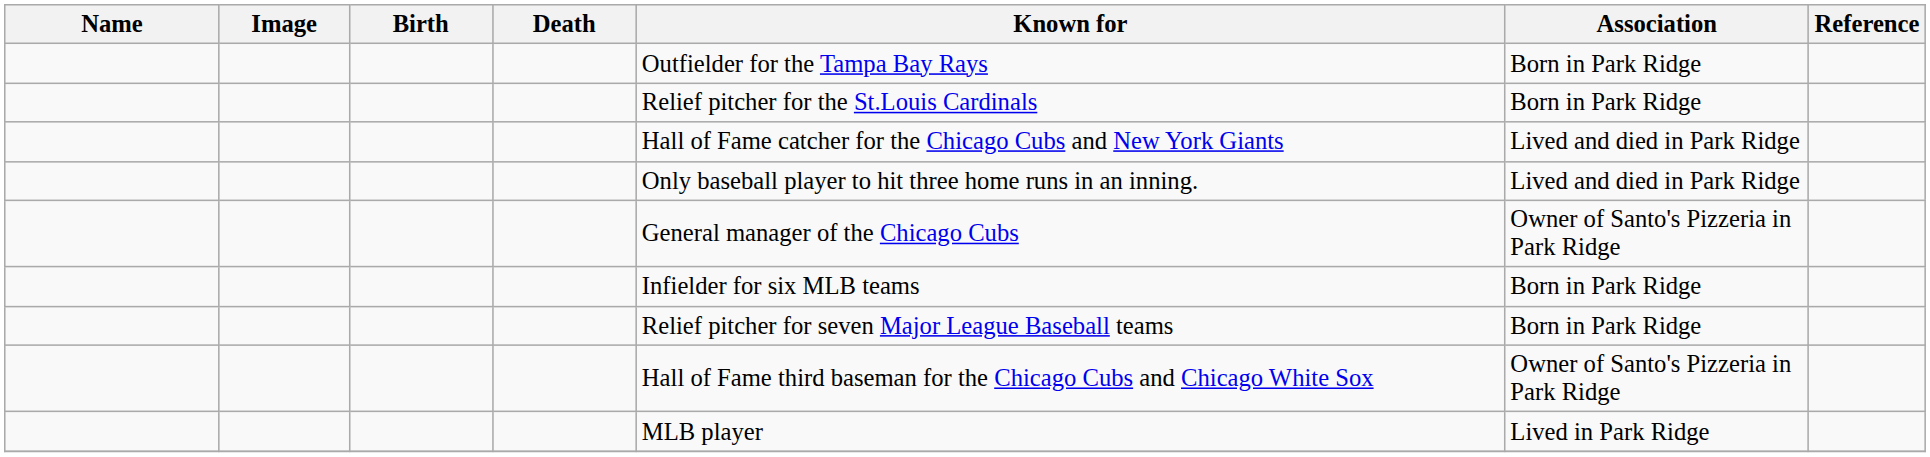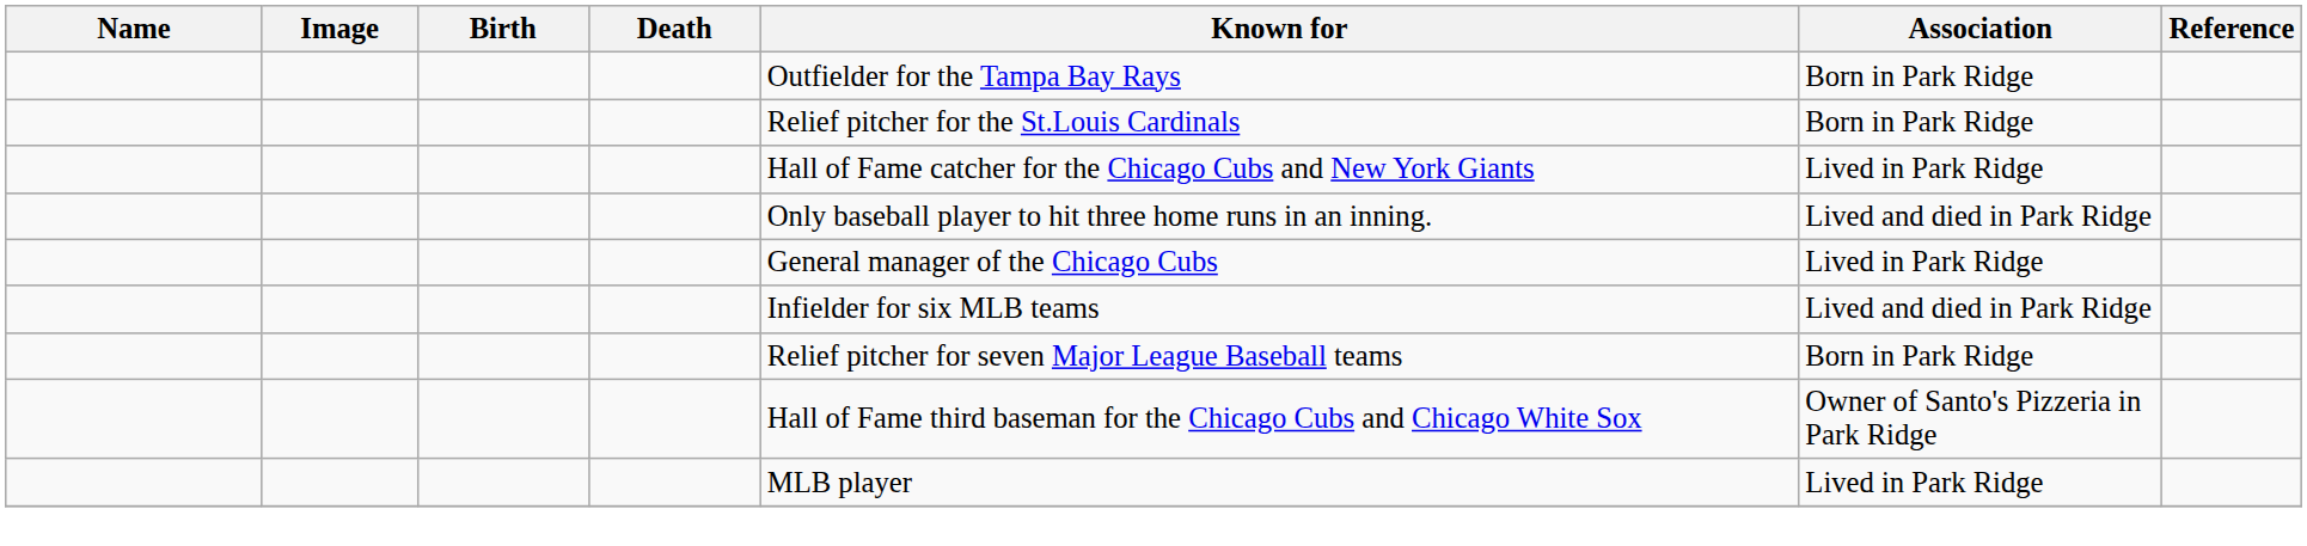 <table class="wikitable sortable">
 <tr>
 <th scope="col" width="140">Name</th>
 <th scope="col" width="80" class="unsortable">Image</th>
 <th scope="col" width="90">Birth</th>
 <th scope="col" width="90">Death</th>
 <th scope="col" width="600" class="unsortable">Known for</th>
 <th scope="col" width="200" class="unsortable">Association</th>
 <th scope="col" width="30" class="unsortable">Reference</th>
 </tr>
 <tr>
 <td></td>
 <td></td>
 <td align=right></td>
 <td></td>
 <td>Outfielder for the <a href='#'>Tampa Bay Rays</a></td>
 <td>Born in Park Ridge</td>
 <td align="center"></td>
 </tr>
 <tr>
 <td></td>
 <td></td>
 <td align=right></td>
 <td></td>
 <td>Relief pitcher for the <a href='#'>St.Louis Cardinals</a></td>
 <td>Born in Park Ridge</td>
 <td align="center"></td>
 </tr>
 <tr>
 <td></td>
 <td></td>
 <td align=right></td>
 <td align=right></td>
 <td>Hall of Fame catcher for the <a href='#'>Chicago Cubs</a> and <a href='#'>New York Giants</a></td>
-<td>Lived and died in Park Ridge</td>
+<td>Lived in Park Ridge</td>
 <td align="center"></td>
 </tr>
 <tr>
 <td></td>
 <td></td>
 <td align=right></td>
 <td align=right></td>
 <td>Only baseball player to hit three home runs in an inning.</td>
 <td>Lived and died in Park Ridge</td>
 </tr>
 <tr>
 <td></td>
 <td></td>
 <td align=right></td>
 <td></td>
 <td>General manager of the <a href='#'>Chicago Cubs</a></td>
-<td>Owner of Santo's Pizzeria in Park Ridge</td>
+<td>Lived in Park Ridge</td>
 <td align="center"></td>
 </tr>
 <tr>
 <td></td>
 <td></td>
 <td align=right></td>
 <td></td>
 <td>Infielder for six MLB teams</td>
-<td>Born in Park Ridge</td>
+<td>Lived and died in Park Ridge</td>
 <td align="center"></td>
 </tr>
 <tr>
 <td></td>
 <td></td>
 <td align=right></td>
 <td></td>
 <td>Relief pitcher for seven <a href='#'>Major League Baseball</a> teams</td>
 <td>Born in Park Ridge</td>
 <td align="center"></td>
 </tr>
 <tr>
 <td></td>
 <td></td>
 <td align=right></td>
 <td align=right></td>
 <td>Hall of Fame third baseman for the <a href='#'>Chicago Cubs</a> and <a href='#'>Chicago White Sox</a></td>
 <td>Owner of Santo's Pizzeria in Park Ridge</td>
 <td align="center"></td>
 </tr>
 <tr>
 <td></td>
 <td></td>
 <td align=right></td>
 <td></td>
 <td>MLB player</td>
 <td>Lived in Park Ridge</td>
 <td align="center"></td>
 </tr>
 <tr>
 </tr>
 </table>
